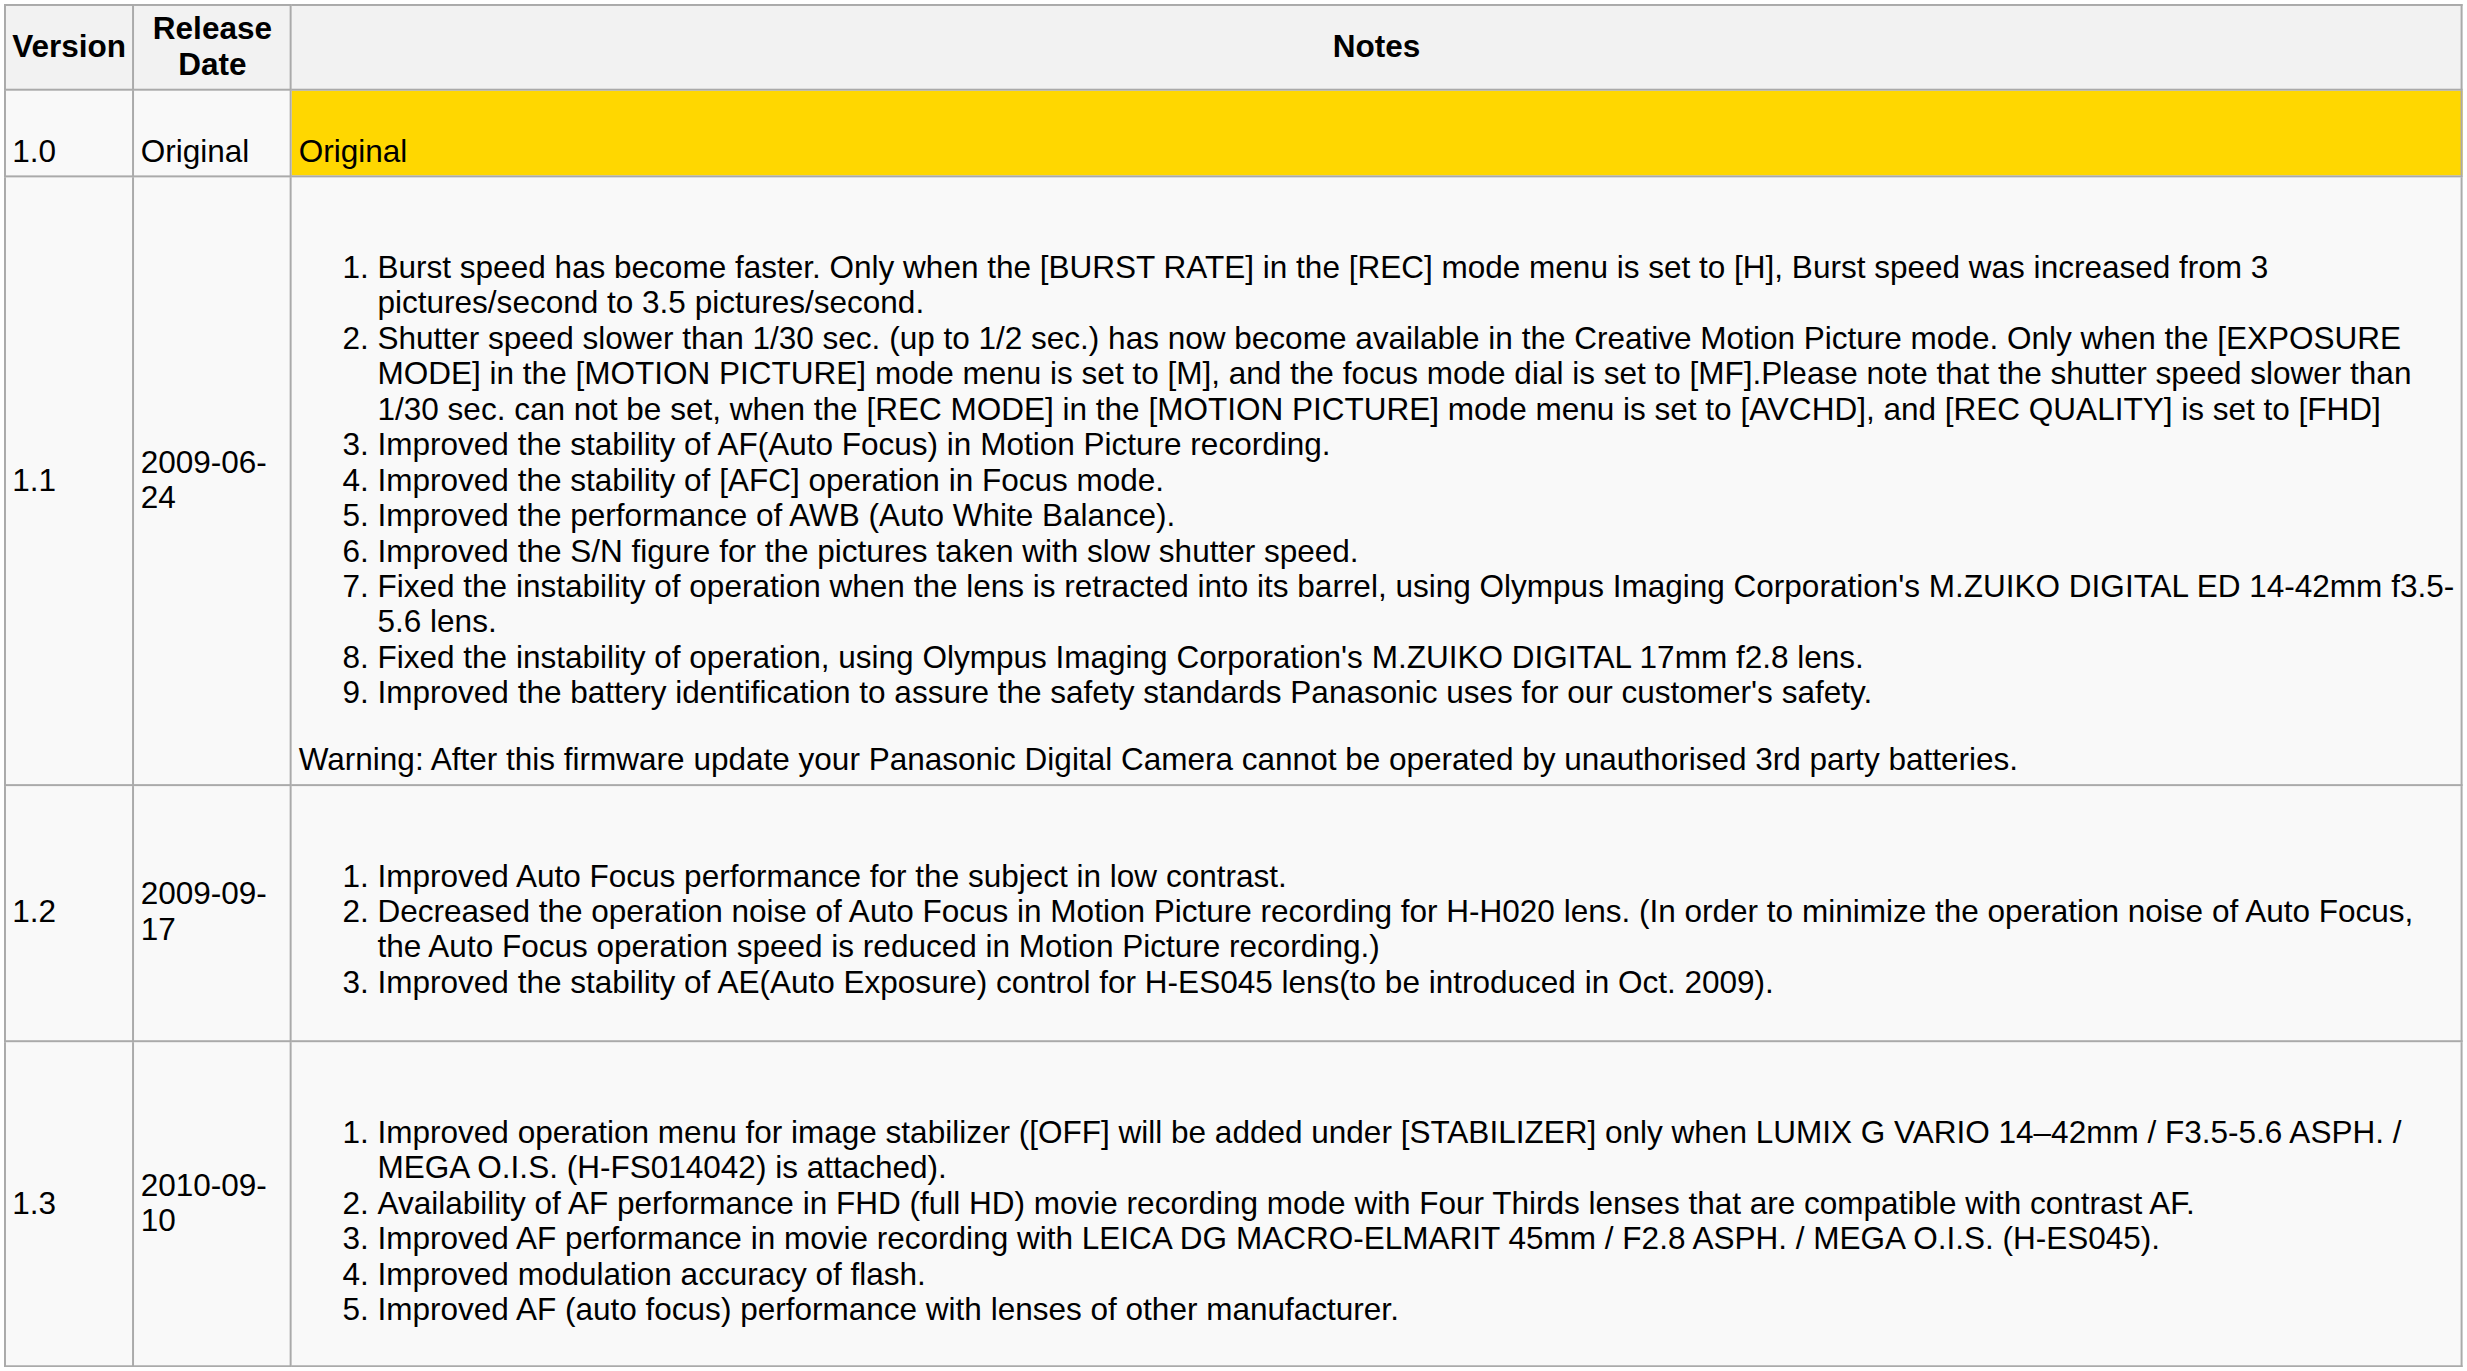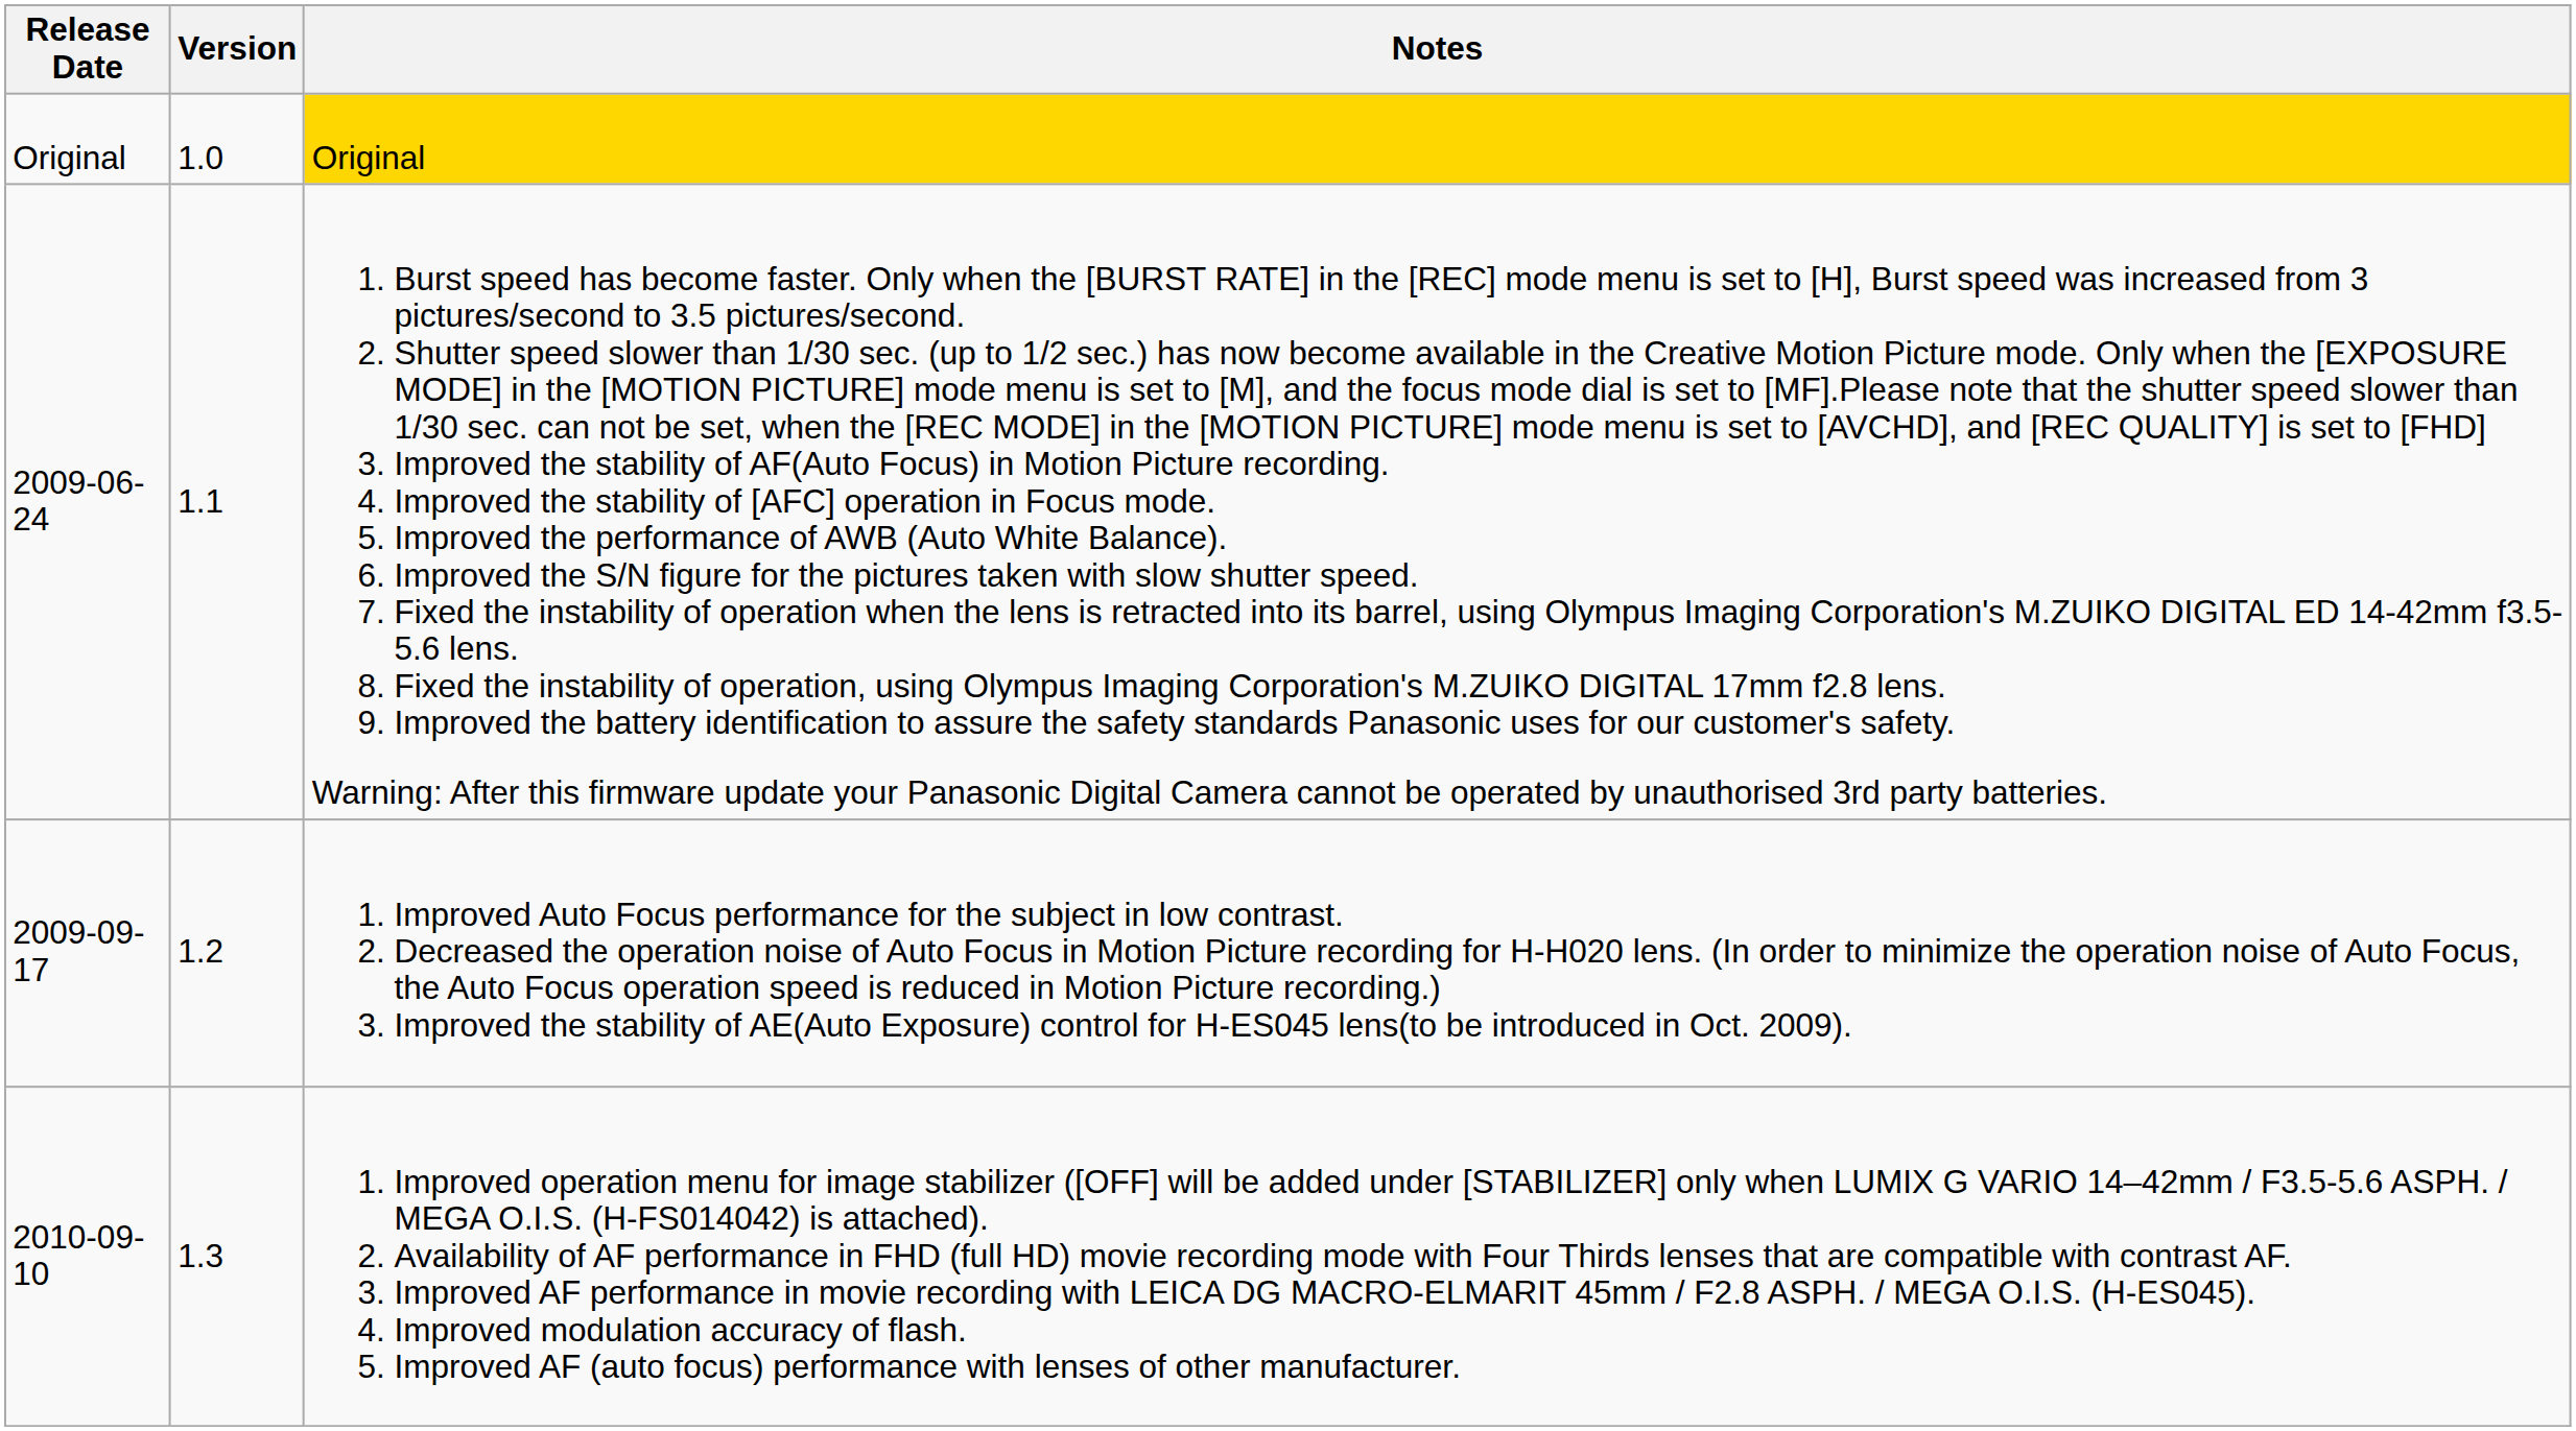 <table class="wikitable plainlinks" border="1">
 <tr>
+<th>Release Date</th>
 <th>Version</th>
-<th>Release Date</th>
 <th>Notes</th>
 </tr>
 <tr>
+<td><br>Original</td>
 <td><br>1.0</td>
-<td><br>Original</td>
 <td style="background: gold;"><br>Original</td>
 </tr>
 <tr>
+<td>2009-06-24</td>
 <td>1.1</td>
-<td>2009-06-24</td>
 <td><br><ol><li>Burst speed has become faster. Only when the [BURST RATE] in the [REC] mode menu is set to [H], Burst speed was increased from 3 pictures/second to 3.5 pictures/second.</li><li>Shutter speed slower than 1/30 sec. (up to 1/2 sec.) has now become available in the Creative Motion Picture mode. Only when the [EXPOSURE MODE] in the [MOTION PICTURE] mode menu is set to [M], and the focus mode dial is set to [MF].Please note that the shutter speed slower than 1/30 sec. can not be set, when the [REC MODE] in the [MOTION PICTURE] mode menu is set to [AVCHD], and [REC QUALITY] is set to [FHD]</li><li>Improved the stability of AF(Auto Focus) in Motion Picture recording.</li><li>Improved the stability of [AFC] operation in Focus mode.</li><li>Improved the performance of AWB (Auto White Balance).</li><li>Improved the S/N figure for the pictures taken with slow shutter speed.</li><li>Fixed the instability of operation when the lens is retracted into its barrel, using Olympus Imaging Corporation's M.ZUIKO DIGITAL ED 14-42mm f3.5-5.6 lens.</li><li>Fixed the instability of operation, using Olympus Imaging Corporation's M.ZUIKO DIGITAL 17mm f2.8 lens.</li><li>Improved the battery identification to assure the safety standards Panasonic uses for our customer's safety.</li></ol>Warning: After this firmware update your Panasonic Digital Camera cannot be operated by unauthorised 3rd party batteries.</td>
 </tr>
 <tr>
+<td>2009-09-17</td>
 <td>1.2</td>
-<td>2009-09-17</td>
 <td><br><ol><li>Improved Auto Focus performance for the subject in low contrast.</li><li>Decreased the operation noise of Auto Focus in Motion Picture recording for H-H020 lens. (In order to minimize the operation noise of Auto Focus, the Auto Focus operation speed is reduced in Motion Picture recording.)</li><li>Improved the stability of AE(Auto Exposure) control for H-ES045 lens(to be introduced in Oct. 2009).</li></ol></td>
 </tr>
 <tr>
+<td>2010-09-10</td>
 <td>1.3</td>
-<td>2010-09-10</td>
 <td><br><ol><li>Improved operation menu for image stabilizer ([OFF] will be added under [STABILIZER] only when LUMIX G VARIO 14–42mm / F3.5-5.6 ASPH. / MEGA O.I.S. (H-FS014042) is attached).</li><li>Availability of AF performance in FHD (full HD) movie recording mode with Four Thirds lenses that are compatible with contrast AF.</li><li>Improved AF performance in movie recording with LEICA DG MACRO-ELMARIT 45mm / F2.8 ASPH. / MEGA O.I.S. (H-ES045).</li><li>Improved modulation accuracy of flash.</li><li>Improved AF (auto focus) performance with lenses of other manufacturer.</li></ol></td>
 </tr>
 </table>
